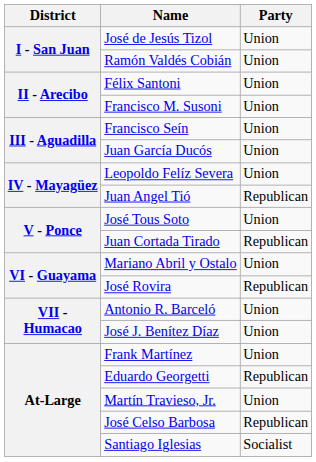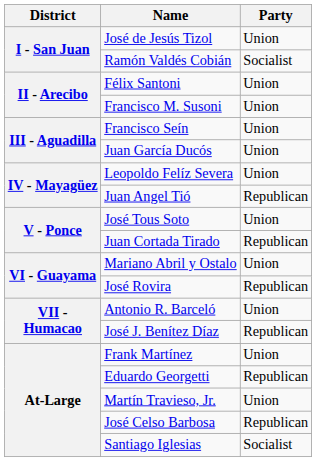 <table class="wikitable sortable">
 <tr>
 <th width=10>District</th>
 <th>Name</th>
 <th>Party</th>
 </tr>
 <tr>
 <th rowspan=2><a href='#'>I</a> - <a href='#'>San Juan</a></th>
 <td><a href='#'>José de Jesús Tizol</a></td>
 <td>Union</td>
 </tr>
 <tr>
 <td><a href='#'>Ramón Valdés Cobián</a></td>
-<td>Union</td>
+<td style="background-color:">Socialist</td>
 </tr>
 <tr>
 <th rowspan=2><a href='#'>II</a> - <a href='#'>Arecibo</a></th>
 <td><a href='#'>Félix Santoni</a></td>
 <td>Union</td>
 </tr>
 <tr>
 <td><a href='#'>Francisco M. Susoni</a></td>
 <td>Union</td>
 </tr>
 <tr>
 <th rowspan=2><a href='#'>III</a> - <a href='#'>Aguadilla</a></th>
 <td><a href='#'>Francisco Seín</a></td>
 <td>Union</td>
 </tr>
 <tr>
 <td><a href='#'>Juan García Ducós</a></td>
 <td>Union</td>
 </tr>
 <tr>
 <th nowrap rowspan=2><a href='#'>IV</a> - <a href='#'>Mayagüez</a></th>
 <td><a href='#'>Leopoldo Felíz Severa</a></td>
 <td>Union</td>
 </tr>
 <tr>
 <td><a href='#'>Juan Angel Tió</a></td>
 <td>Republican</td>
 </tr>
 <tr>
 <th rowspan=2><a href='#'>V</a> - <a href='#'>Ponce</a></th>
 <td><a href='#'>José Tous Soto</a></td>
 <td>Union</td>
 </tr>
 <tr>
 <td><a href='#'>Juan Cortada Tirado</a></td>
 <td>Republican</td>
 </tr>
 <tr>
 <th rowspan=2><a href='#'>VI</a> - <a href='#'>Guayama</a></th>
 <td><a href='#'>Mariano Abril y Ostalo</a></td>
 <td>Union</td>
 </tr>
 <tr>
 <td><a href='#'>José Rovira</a></td>
 <td>Republican</td>
 </tr>
 <tr>
 <th rowspan=2><a href='#'>VII</a> - <a href='#'>Humacao</a></th>
 <td><a href='#'>Antonio R. Barceló</a></td>
 <td>Union</td>
 </tr>
 <tr>
 <td><a href='#'>José J. Benítez Díaz</a></td>
-<td>Union</td>
+<td>Republican</td>
 </tr>
 <tr>
 <th rowspan= 5>At-Large</th>
 <td><a href='#'>Frank Martínez</a></td>
 <td>Union</td>
 </tr>
 <tr>
 <td><a href='#'>Eduardo Georgetti</a></td>
 <td>Republican</td>
 </tr>
 <tr>
 <td><a href='#'>Martín Travieso, Jr.</a></td>
 <td>Union</td>
 </tr>
 <tr>
 <td><a href='#'>José Celso Barbosa</a></td>
 <td>Republican</td>
 </tr>
 <tr>
 <td><a href='#'>Santiago Iglesias</a></td>
 <td style="background-color:">Socialist</td>
 </tr>
 </table>
